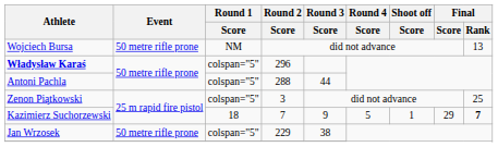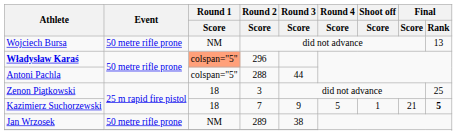 <table class="wikitable" style="font-size:90%">
 <tr>
 <th rowspan="2">Athlete</th>
 <th rowspan="2">Event</th>
 <th colspan="1">Round 1</th>
 <th colspan="1">Round 2</th>
 <th colspan="1">Round 3</th>
 <th colspan="1">Round 4</th>
 <th colspan="1">Shoot off</th>
 <th colspan="2">Final</th>
 </tr>
 <tr>
 <th>Score</th>
 <th>Score</th>
 <th>Score</th>
 <th>Score</th>
 <th>Score</th>
 <th>Score</th>
 <th>Rank</th>
 </tr>
 <tr>
 <td><a href='#'>Wojciech Bursa</a></td>
 <td><a href='#'>50 metre rifle prone</a></td>
 <td align="center">NM</td>
 <td colspan="5"  align="center">did not advance</td>
 <td align="center">13</td>
 </tr>
 <tr>
 <td rowspan=1><strong><a href='#'>Władysław Karaś</a></strong></td>
 <td rowspan=2><a href='#'>50 metre rifle prone</a></td>
-<td>colspan="5"  </td>
+<td style="background: lightsalmon;">colspan="5"  </td>
 <td align="center">296</td>
 <td align="center"></td>
 </tr>
 <tr>
 <td rowspan=1><a href='#'>Antoni Pachla</a></td>
 <td>colspan="5"  </td>
 <td align="center">288</td>
 <td align="center">44</td>
 </tr>
 <tr>
 <td><a href='#'>Zenon Piątkowski</a></td>
 <td rowspan=2><a href='#'>25 m rapid fire pistol</a></td>
-<td>colspan="5"  </td>
+<td align="center">18</td>
 <td align="center">3</td>
 <td colspan="4"  align="center">did not advance</td>
 <td align="center">25</td>
 </tr>
 <tr>
 <td><a href='#'>Kazimierz Suchorzewski</a></td>
 <td align="center">18</td>
 <td align="center">7</td>
 <td align="center">9</td>
 <td align="center">5</td>
 <td align="center">1</td>
-<td align="center">29</td>
-<td align="center"><strong>7</strong></td>
+<td align="center">21</td>
+<td align="center"><strong>5</strong></td>
 </tr>
 <tr>
 <td rowspan=1><a href='#'>Jan Wrzosek</a></td>
 <td><a href='#'>50 metre rifle prone</a></td>
-<td>colspan="5"  </td>
-<td align="center">229</td>
+<td align="center">NM</td>
+<td align="center">289</td>
 <td align="center">38</td>
 </tr>
 <tr>
 </tr>
 </table>
